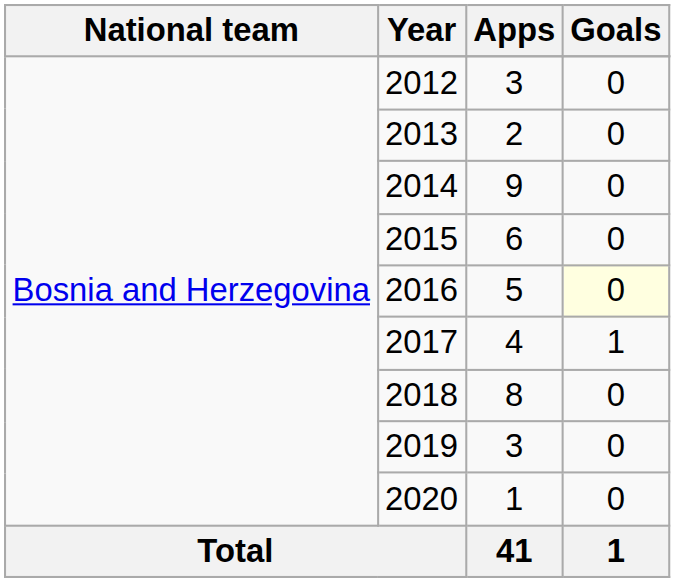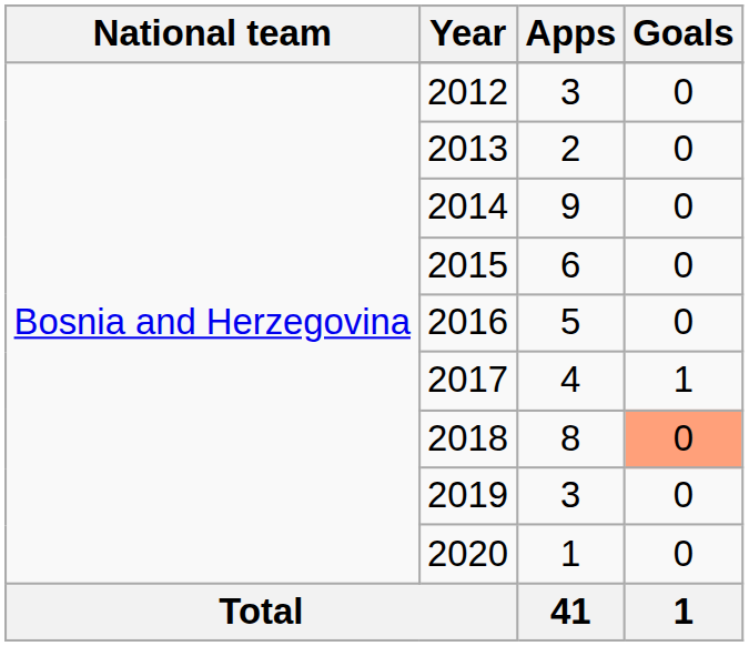 <table class="wikitable" style="text-align:center">
 <tr>
 <th>National team</th>
 <th>Year</th>
 <th>Apps</th>
 <th>Goals</th>
 </tr>
 <tr>
 <td rowspan=10><a href='#'>Bosnia and Herzegovina</a></td>
 </tr>
 <tr>
 <td>2012</td>
 <td>3</td>
 <td>0</td>
 </tr>
 <tr>
 <td>2013</td>
 <td>2</td>
 <td>0</td>
 </tr>
 <tr>
 <td>2014</td>
 <td>9</td>
 <td>0</td>
 </tr>
 <tr>
 <td>2015</td>
 <td>6</td>
 <td>0</td>
 </tr>
 <tr>
 <td>2016</td>
 <td>5</td>
-<td style="background: lightyellow;">0</td>
+<td>0</td>
 </tr>
 <tr>
 <td>2017</td>
 <td>4</td>
 <td>1</td>
 </tr>
 <tr>
 <td>2018</td>
 <td>8</td>
-<td>0</td>
+<td style="background: lightsalmon;">0</td>
 </tr>
 <tr>
 <td>2019</td>
 <td>3</td>
 <td>0</td>
 </tr>
 <tr>
 <td>2020</td>
 <td>1</td>
 <td>0</td>
 </tr>
 <tr>
 <th colspan=2>Total</th>
 <th>41</th>
 <th>1</th>
 </tr>
 </table>
